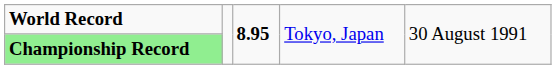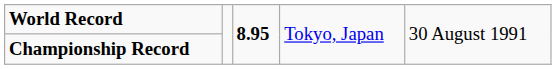 <table class="wikitable" width=75%>
 <tr>
 <td><strong>World Record</strong></td>
 <td rowspan="2"></td>
 <td rowspan="2"><strong>8.95</strong></td>
 <td rowspan="2"><a href='#'>Tokyo, Japan</a></td>
 <td rowspan="2">30 August 1991</td>
 </tr>
 <tr>
-<td style="background: lightgreen;"><strong>Championship Record</strong></td>
+<td><strong>Championship Record</strong></td>
 </tr>
 </table>
